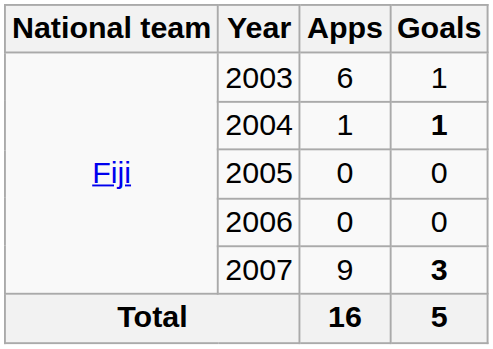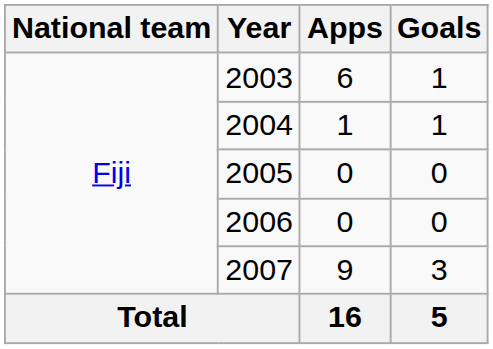 <table class="wikitable" style="text-align:center">
 <tr>
 <th>National team</th>
 <th>Year</th>
 <th>Apps</th>
 <th>Goals</th>
 </tr>
 <tr>
 <td rowspan="5"><a href='#'>Fiji</a></td>
 <td>2003</td>
 <td>6</td>
 <td>1</td>
 </tr>
 <tr>
 <td>2004</td>
 <td>1</td>
-<td><strong>1</strong></td>
+<td>1</td>
 </tr>
 <tr>
 <td>2005</td>
 <td>0</td>
 <td>0</td>
 </tr>
 <tr>
 <td>2006</td>
 <td>0</td>
 <td>0</td>
 </tr>
 <tr>
 <td>2007</td>
 <td>9</td>
-<td><strong>3</strong></td>
+<td>3</td>
 </tr>
 <tr>
 <th colspan=2>Total</th>
 <th>16</th>
 <th>5</th>
 </tr>
 </table>
